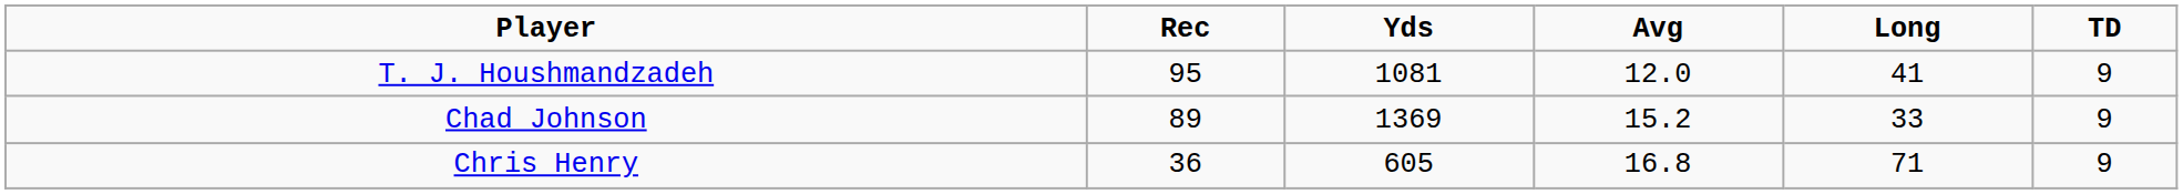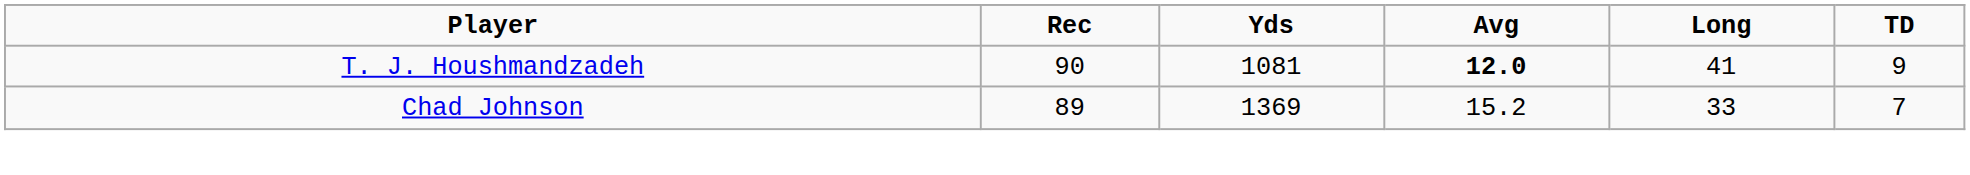 <table class="wikitable" style="width:80%;">
 <tr align="center">
 <td><strong>Player</strong></td>
 <td><strong>Rec</strong></td>
 <td><strong>Yds</strong></td>
 <td><strong>Avg</strong></td>
 <td><strong>Long</strong></td>
 <td><strong>TD</strong></td>
 </tr>
 <tr style="text-align:center;" bgcolor="">
 <td><a href='#'>T. J. Houshmandzadeh</a></td>
-<td>95</td>
+<td>90</td>
 <td>1081</td>
-<td>12.0</td>
+<td><strong>12.0</strong></td>
 <td>41</td>
 <td>9</td>
 </tr>
 <tr style="text-align:center;" bgcolor="">
 <td><a href='#'>Chad Johnson</a></td>
 <td>89</td>
 <td>1369</td>
 <td>15.2</td>
 <td>33</td>
-<td>9</td>
-</tr>
-<tr style="text-align:center;" bgcolor="">
-<td><a href='#'>Chris Henry</a></td>
-<td>36</td>
-<td>605</td>
-<td>16.8</td>
-<td>71</td>
-<td>9</td>
+<td>7</td>
 </tr>
 </table>
